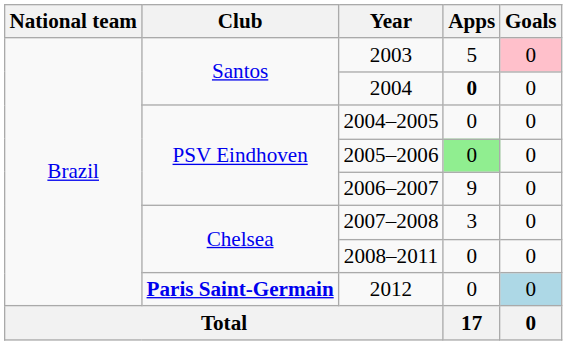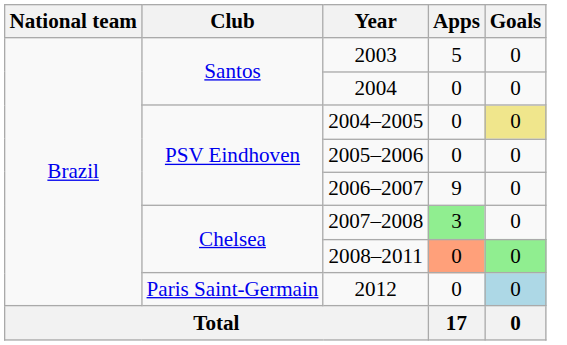 <table class="wikitable" style="text-align:center">
 <tr>
 <th>National team</th>
 <th>Club</th>
 <th>Year</th>
 <th>Apps</th>
 <th>Goals</th>
 </tr>
 <tr>
 <td rowspan="8"><a href='#'>Brazil</a></td>
 <td rowspan="2"><a href='#'>Santos</a></td>
 <td>2003</td>
 <td>5</td>
-<td style="background: pink;">0</td>
+<td>0</td>
 </tr>
 <tr>
 <td>2004</td>
-<td><strong>0</strong></td>
+<td>0</td>
 <td>0</td>
 </tr>
 <tr>
 <td rowspan="3"><a href='#'>PSV Eindhoven</a></td>
 <td>2004–2005</td>
 <td>0</td>
-<td>0</td>
+<td style="background: khaki;">0</td>
 </tr>
 <tr>
 <td>2005–2006</td>
-<td style="background: lightgreen;">0</td>
+<td>0</td>
 <td>0</td>
 </tr>
 <tr>
 <td>2006–2007</td>
 <td>9</td>
 <td>0</td>
 </tr>
 <tr>
 <td rowspan="2"><a href='#'>Chelsea</a></td>
 <td>2007–2008</td>
-<td>3</td>
+<td style="background: lightgreen;">3</td>
 <td>0</td>
 </tr>
 <tr>
 <td>2008–2011</td>
-<td>0</td>
-<td>0</td>
+<td style="background: lightsalmon;">0</td>
+<td style="background: lightgreen;">0</td>
 </tr>
 <tr>
-<td><strong><a href='#'>Paris Saint-Germain</a></strong></td>
+<td><a href='#'>Paris Saint-Germain</a></td>
 <td>2012</td>
 <td>0</td>
 <td style="background: lightblue;">0</td>
 </tr>
 <tr>
 <th colspan="3">Total</th>
 <th>17</th>
 <th>0</th>
 </tr>
 </table>
